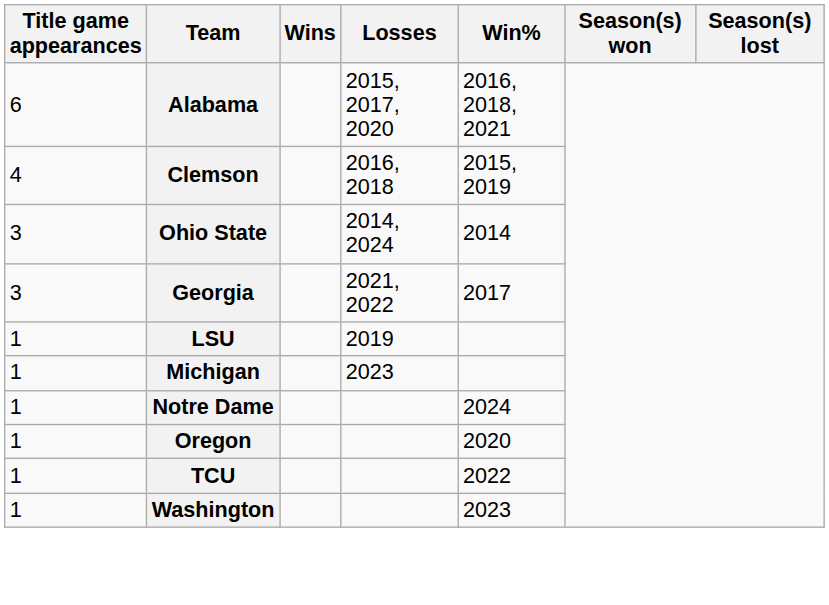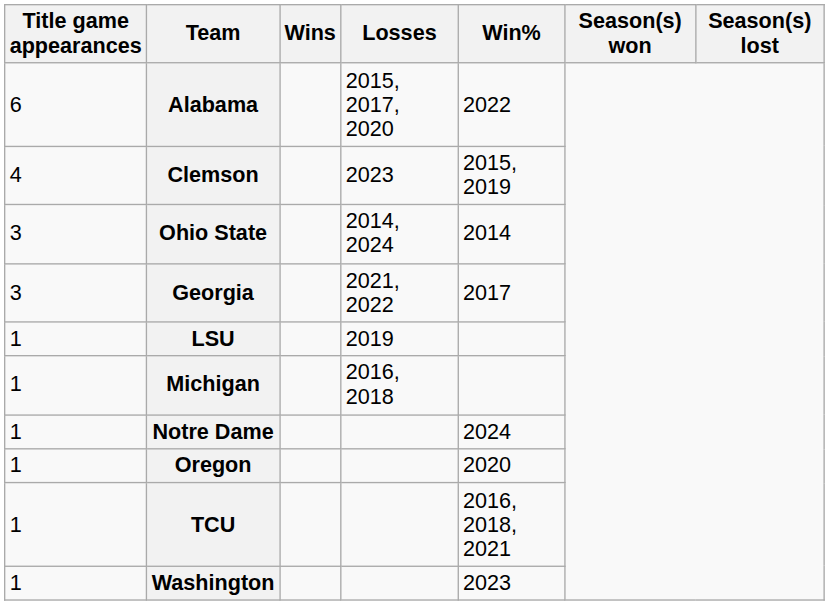 <table class="wikitable sortable">
 <tr>
 <th>Title game<br>appearances</th>
 <th>Team</th>
 <th>Wins</th>
 <th>Losses</th>
 <th>Win%</th>
 <th>Season(s) won</th>
 <th>Season(s) lost</th>
 </tr>
 <tr>
 <td>6</td>
 <th>Alabama</th>
 <td></td>
 <td>2015, 2017, 2020</td>
-<td>2016, 2018, 2021</td>
+<td>2022</td>
 </tr>
 <tr>
 <td>4</td>
 <th>Clemson</th>
 <td></td>
-<td>2016, 2018</td>
+<td>2023</td>
 <td>2015, 2019</td>
 </tr>
 <tr>
 <td>3</td>
 <th>Ohio State</th>
 <td></td>
 <td>2014, 2024</td>
 <td>2014</td>
 </tr>
 <tr>
 <td>3</td>
 <th>Georgia</th>
 <td></td>
 <td>2021, 2022</td>
 <td>2017</td>
 </tr>
 <tr>
 <td>1</td>
 <th>LSU</th>
 <td></td>
 <td>2019</td>
 <td></td>
 </tr>
 <tr>
 <td>1</td>
 <th>Michigan</th>
 <td></td>
-<td>2023</td>
+<td>2016, 2018</td>
 <td></td>
 </tr>
 <tr>
 <td>1</td>
 <th>Notre Dame</th>
 <td></td>
 <td></td>
 <td>2024</td>
 </tr>
 <tr>
 <td>1</td>
 <th>Oregon</th>
 <td></td>
 <td></td>
 <td>2020</td>
 </tr>
 <tr>
 <td>1</td>
 <th>TCU</th>
 <td></td>
 <td></td>
-<td>2022</td>
+<td>2016, 2018, 2021</td>
 </tr>
 <tr>
 <td>1</td>
 <th !>Washington</th>
 <td></td>
 <td></td>
 <td>2023</td>
 </tr>
 </table>
